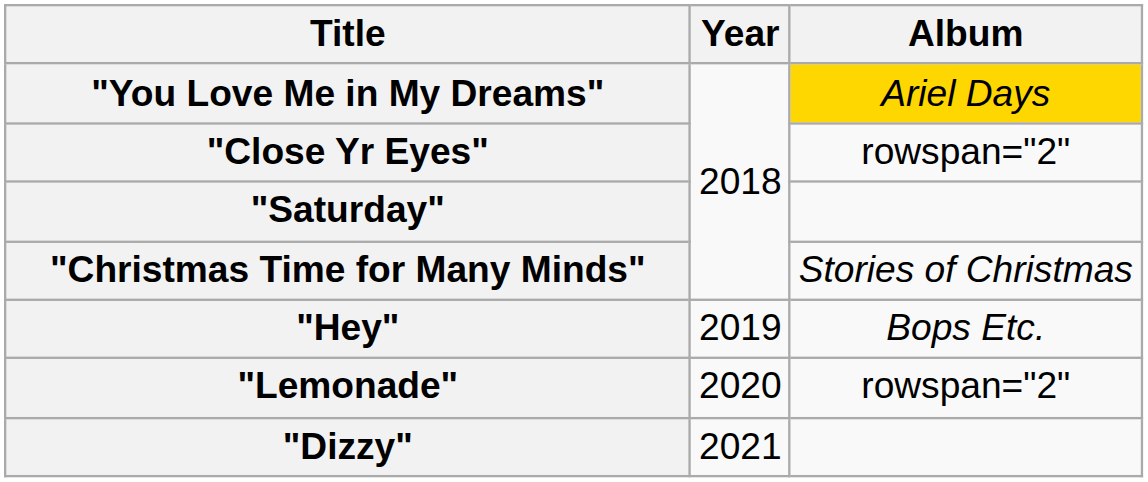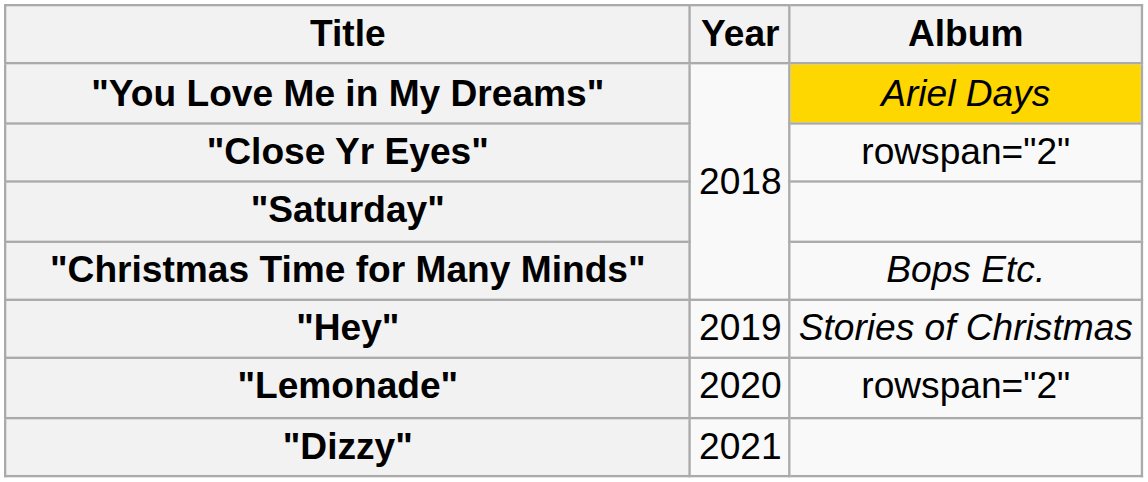 <table class="wikitable plainrowheaders" style="text-align:center;">
 <tr>
 <th scope="col" style="width:18em;">Title</th>
 <th scope="col" style="width:1em;">Year</th>
 <th scope="col">Album</th>
 </tr>
 <tr>
 <th scope="row">"You Love Me in My Dreams"<br></th>
 <td rowspan="4">2018</td>
 <td style="background: gold;"><em>Ariel Days</em></td>
 </tr>
 <tr>
 <th scope="row">"Close Yr Eyes"<br></th>
 <td>rowspan="2" </td>
 </tr>
 <tr>
 <th scope="row">"Saturday"<br></th>
 </tr>
 <tr>
 <th scope="row">"Christmas Time for Many Minds"<br></th>
-<td><em>Stories of Christmas</em></td>
+<td><em>Bops Etc.</em></td>
 </tr>
 <tr>
 <th scope="row">"Hey"<br></th>
 <td>2019</td>
-<td><em>Bops Etc.</em></td>
+<td><em>Stories of Christmas</em></td>
 </tr>
 <tr>
 <th scope="row">"Lemonade"<br></th>
 <td>2020</td>
 <td>rowspan="2" </td>
 </tr>
 <tr>
 <th scope="row">"Dizzy"<br></th>
 <td>2021</td>
 </tr>
 </table>
